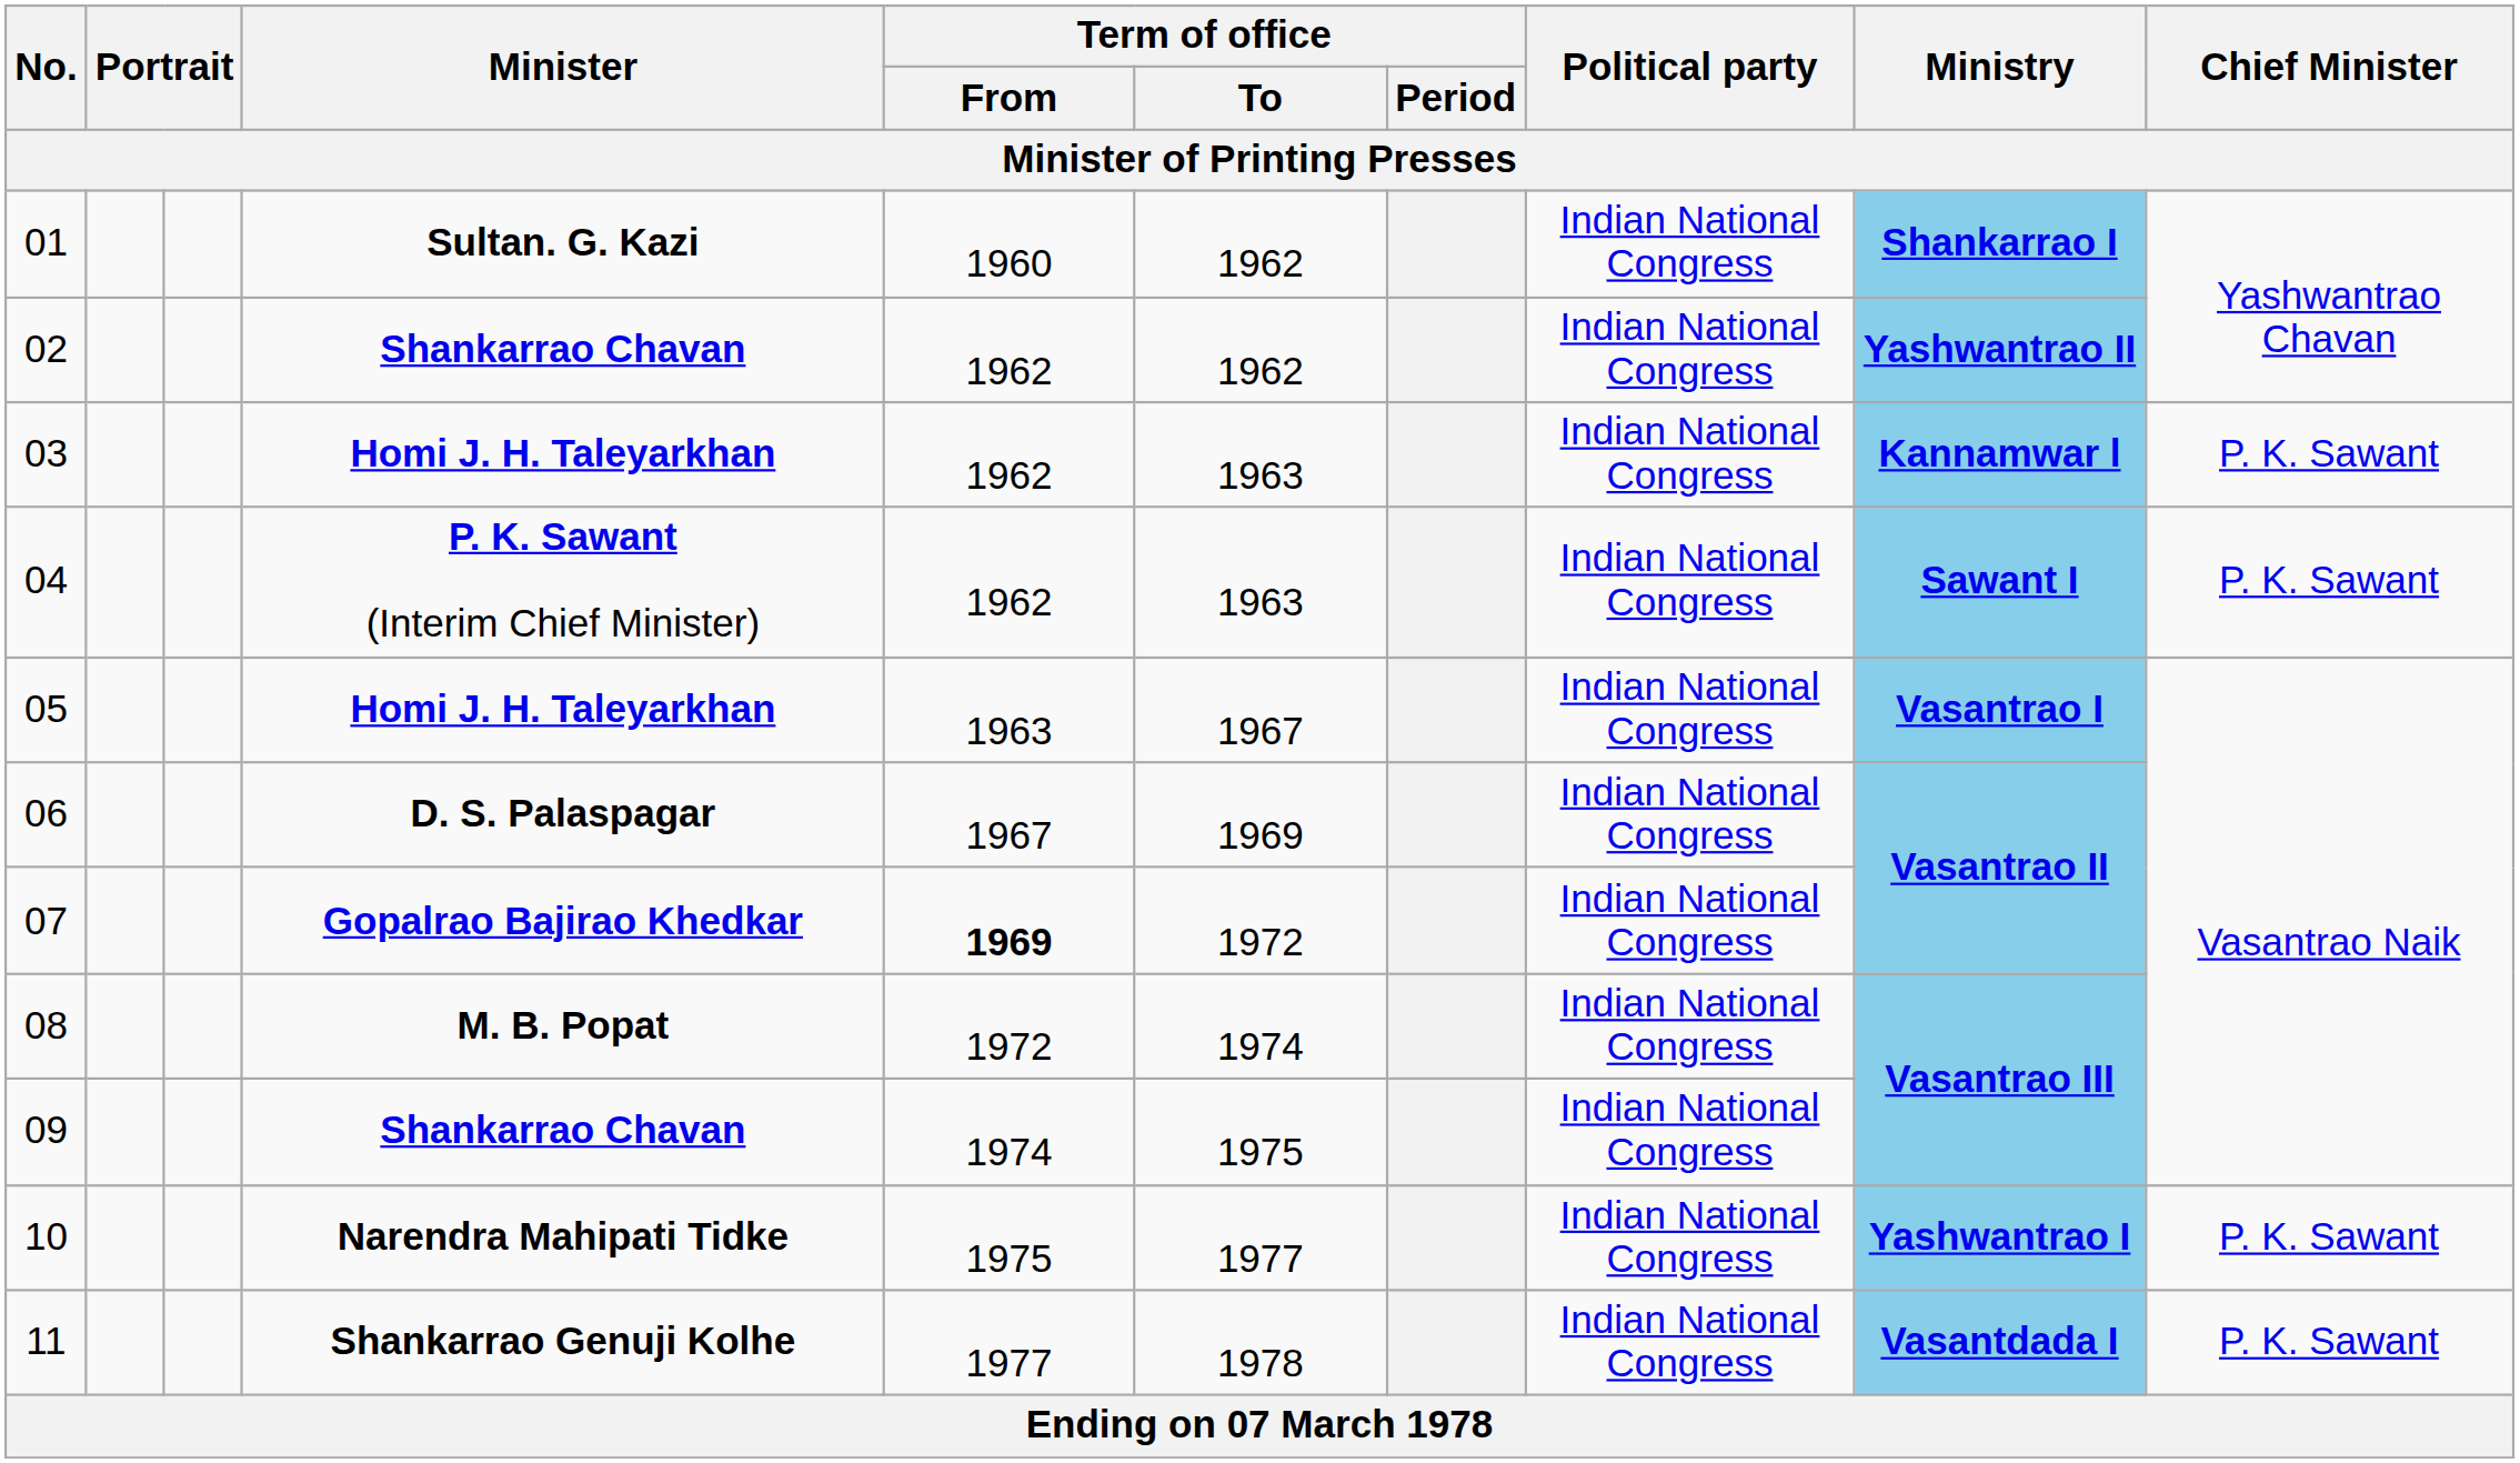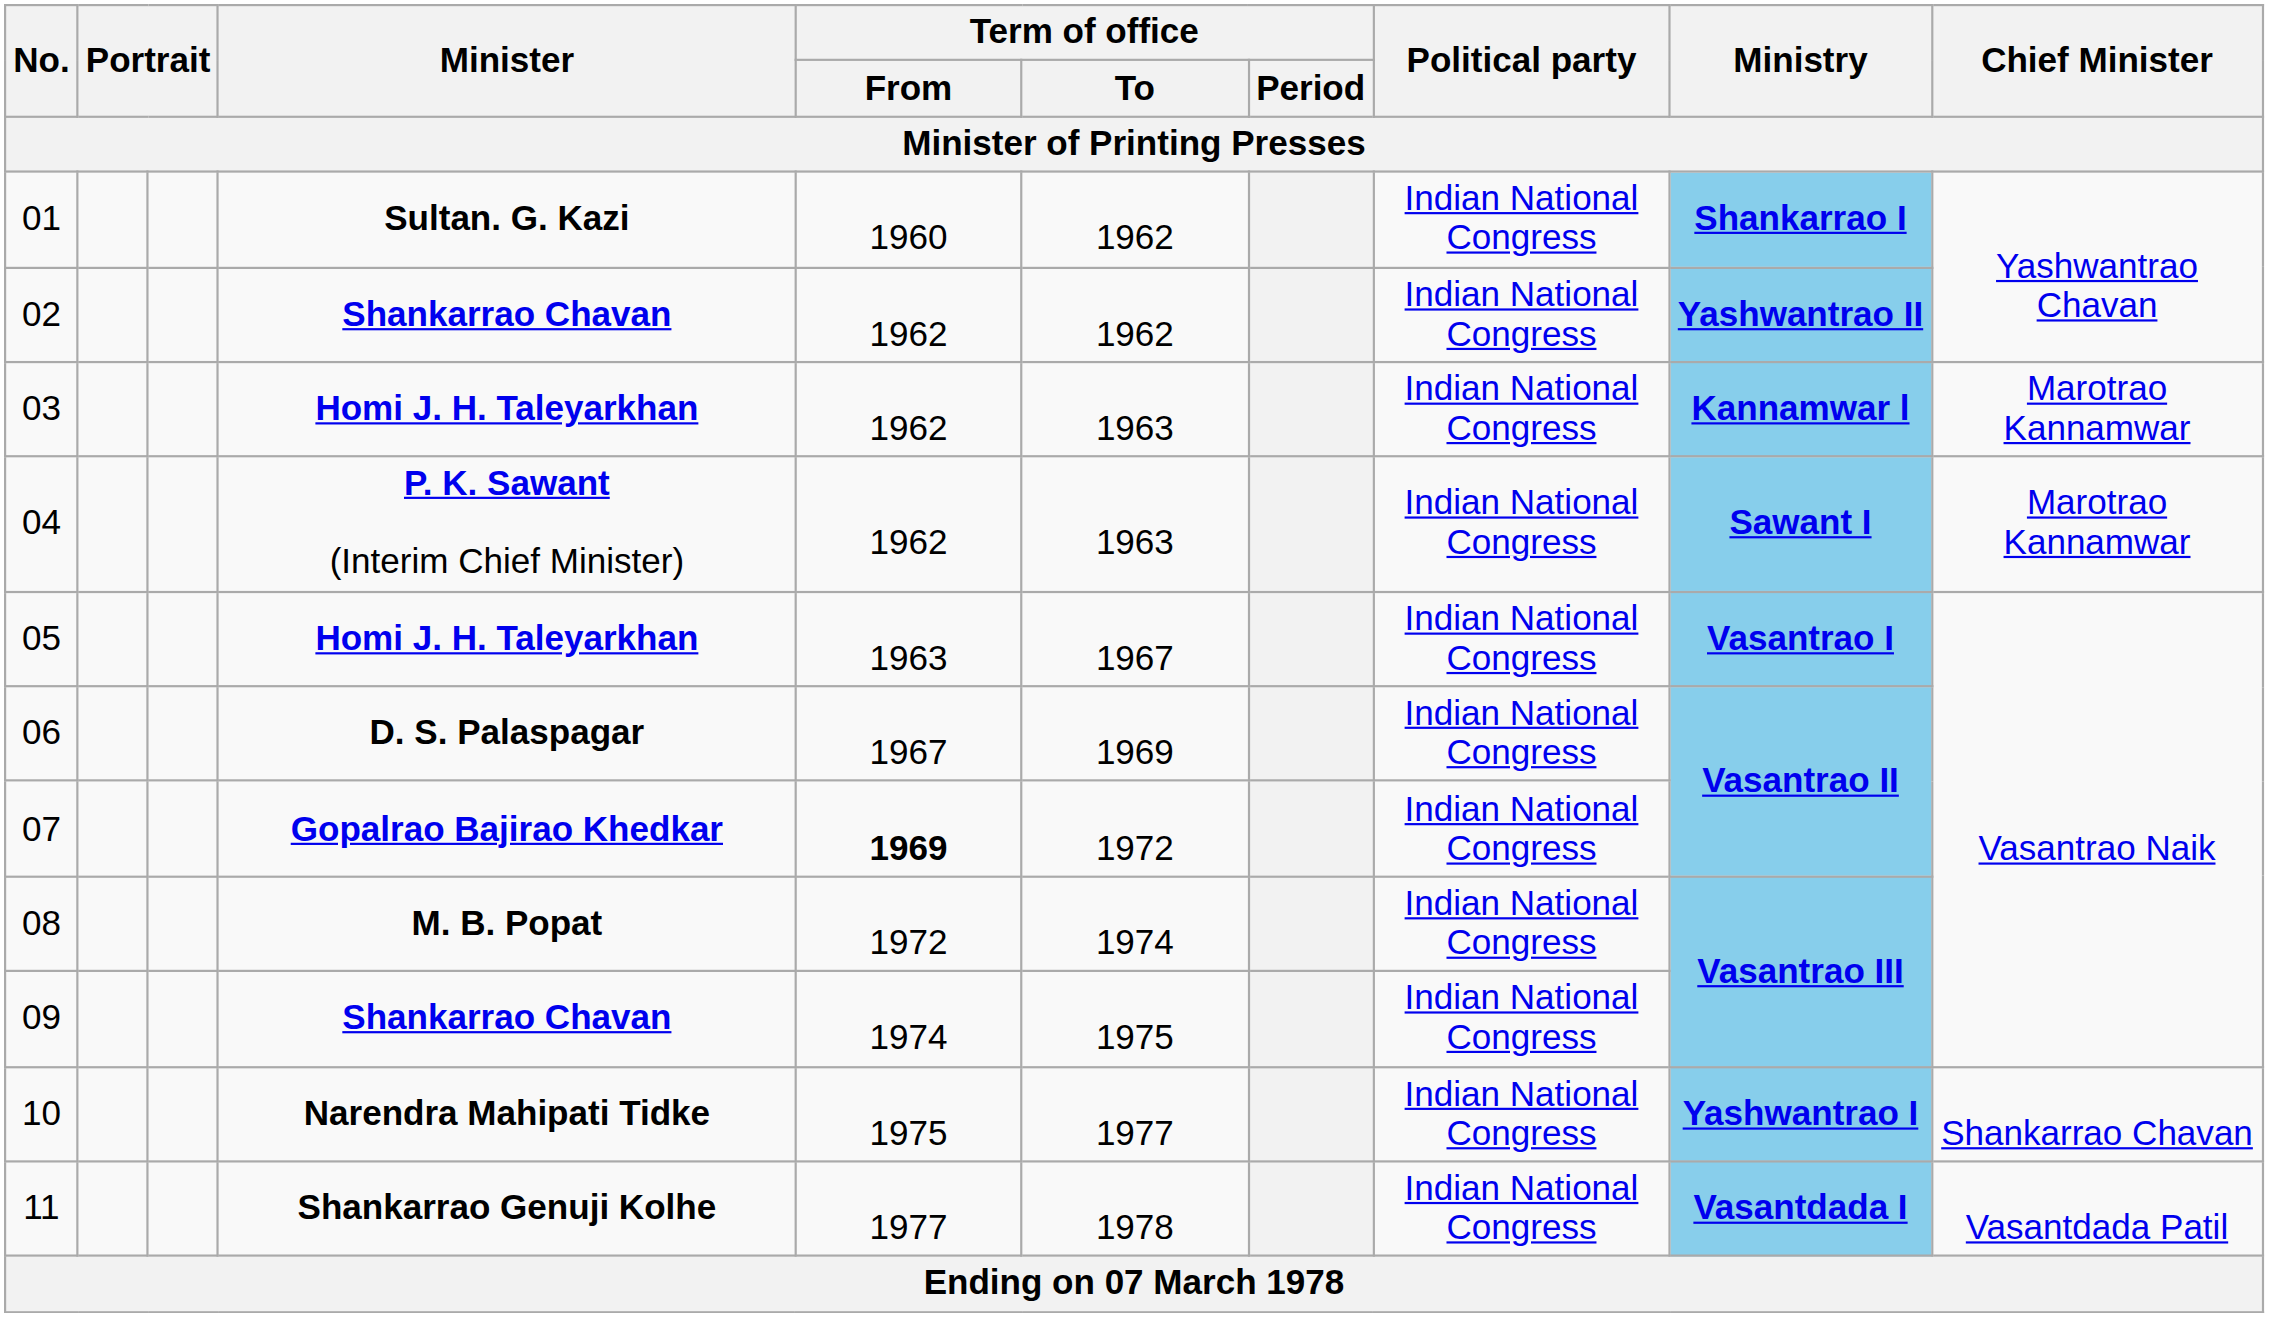 <table class="wikitable" style="text-align:center">
 <tr>
 <th rowspan="2">No.</th>
 <th rowspan="2" colspan="2">Portrait</th>
 <th rowspan="2" style="width:16em">Minister<br></th>
 <th colspan="3">Term of office</th>
 <th rowspan="2" style="width:8em">Political party</th>
 <th rowspan="2">Ministry</th>
 <th rowspan="2" style="width:9em">Chief Minister</th>
 </tr>
 <tr>
 <th style="width:6em">From</th>
 <th style="width:6em">To</th>
 <th>Period</th>
 </tr>
 <tr>
 <th colspan="10">Minister of Printing Presses</th>
 </tr>
 <tr>
 <td>01</td>
 <td style="color:inherit;background:"></td>
 <td></td>
 <td><strong>Sultan. G. Kazi</strong> <br> </td>
 <td><br>1960</td>
 <td><br>1962</td>
 <th></th>
 <td><a href='#'>Indian National Congress</a></td>
 <td rowspan="1" bgcolor="#87CEEB"><a href='#'><strong>Shankarrao I</strong></a></td>
 <td rowspan="2"> <br><a href='#'>Yashwantrao Chavan</a></td>
 </tr>
 <tr>
 <td>02</td>
 <td style="color:inherit;background:"></td>
 <td></td>
 <td><strong><a href='#'>Shankarrao Chavan</a></strong> <br> </td>
 <td><br>1962</td>
 <td><br>1962</td>
 <th></th>
 <td><a href='#'>Indian National Congress</a></td>
 <td bgcolor="#87CEEB"><a href='#'><strong>Yashwantrao II</strong></a></td>
 </tr>
 <tr>
 <td>03</td>
 <td style="color:inherit;background:"></td>
 <td></td>
 <td><strong><a href='#'>Homi J. H. Taleyarkhan</a></strong> <br> </td>
 <td><br>1962</td>
 <td><br>1963</td>
 <th></th>
 <td><a href='#'>Indian National Congress</a></td>
 <td bgcolor="#87CEEB"><a href='#'><strong>Kannamwar l</strong></a></td>
-<td><a href='#'>P. K. Sawant</a></td>
+<td><a href='#'>Marotrao Kannamwar</a></td>
 </tr>
 <tr>
 <td>04</td>
 <td style="color:inherit;background:"></td>
 <td></td>
 <td><strong><a href='#'>P. K. Sawant</a></strong> <br>  <br>(Interim Chief Minister)</td>
 <td><br>1962</td>
 <td><br>1963</td>
 <th></th>
 <td><a href='#'>Indian National Congress</a></td>
 <td bgcolor="#87CEEB"><a href='#'><strong>Sawant I</strong></a></td>
-<td><a href='#'>P. K. Sawant</a></td>
+<td><a href='#'>Marotrao Kannamwar</a></td>
 </tr>
 <tr>
 <td>05</td>
 <td style="color:inherit;background:"></td>
 <td></td>
 <td><strong><a href='#'>Homi J. H. Taleyarkhan</a></strong> <br> </td>
 <td><br>1963</td>
 <td><br>1967</td>
 <th></th>
 <td><a href='#'>Indian National Congress</a></td>
 <td bgcolor="#87CEEB"><a href='#'><strong>Vasantrao I</strong></a></td>
 <td rowspan="5"><br><a href='#'>Vasantrao Naik</a></td>
 </tr>
 <tr>
 <td>06</td>
 <td style="color:inherit;background:"></td>
 <td></td>
 <td><strong>D. S. Palaspagar</strong> <br> </td>
 <td><br>1967</td>
 <td><br>1969</td>
 <th></th>
 <td><a href='#'>Indian National Congress</a></td>
 <td rowspan="2" bgcolor="#87CEEB"><a href='#'><strong>Vasantrao II</strong></a></td>
 </tr>
 <tr>
 <td>07</td>
 <td style="color:inherit;background:"></td>
 <td></td>
 <td><strong><a href='#'>Gopalrao Bajirao Khedkar</a></strong> <br> </td>
 <td><strong><br>1969</strong></td>
 <td><br>1972</td>
 <th></th>
 <td><a href='#'>Indian National Congress</a></td>
 </tr>
 <tr>
 <td>08</td>
 <td style="color:inherit;background:"></td>
 <td></td>
 <td><strong>M. B. Popat</strong> <br> </td>
 <td><br>1972</td>
 <td><br>1974</td>
 <th></th>
 <td><a href='#'>Indian National Congress</a></td>
 <td rowspan="2" bgcolor="#87CEEB"><a href='#'><strong>Vasantrao III</strong></a></td>
 </tr>
 <tr>
 <td>09</td>
 <td style="color:inherit;background:"></td>
 <td></td>
 <td><strong><a href='#'>Shankarrao Chavan</a></strong> <br> </td>
 <td><br>1974</td>
 <td><br>1975</td>
 <th></th>
 <td><a href='#'>Indian National Congress</a></td>
 </tr>
 <tr>
 <td>10</td>
 <td style="color:inherit;background:"></td>
 <td></td>
 <td><strong>Narendra Mahipati Tidke</strong> <br> </td>
 <td><br>1975</td>
 <td><br>1977</td>
 <th></th>
 <td><a href='#'>Indian National Congress</a></td>
 <td bgcolor="#87CEEB"><a href='#'><strong>Yashwantrao I</strong></a></td>
-<td><a href='#'>P. K. Sawant</a></td>
+<td rowspan="1"><br><a href='#'>Shankarrao Chavan</a></td>
 </tr>
 <tr>
 <td>11</td>
 <td style="color:inherit;background:"></td>
 <td></td>
 <td><strong>Shankarrao Genuji Kolhe</strong> <br> </td>
 <td><br>1977</td>
 <td><br>1978</td>
 <th></th>
 <td><a href='#'>Indian National Congress</a></td>
 <td rowspan="1" bgcolor="#88CEEB"><a href='#'><strong>Vasantdada I</strong></a></td>
-<td><a href='#'>P. K. Sawant</a></td>
+<td rowspan="1"><br><a href='#'>Vasantdada Patil</a></td>
 </tr>
 <tr>
 <th colspan="10">Ending on 07 March 1978</th>
 </tr>
 <tr>
 </tr>
 </table>
